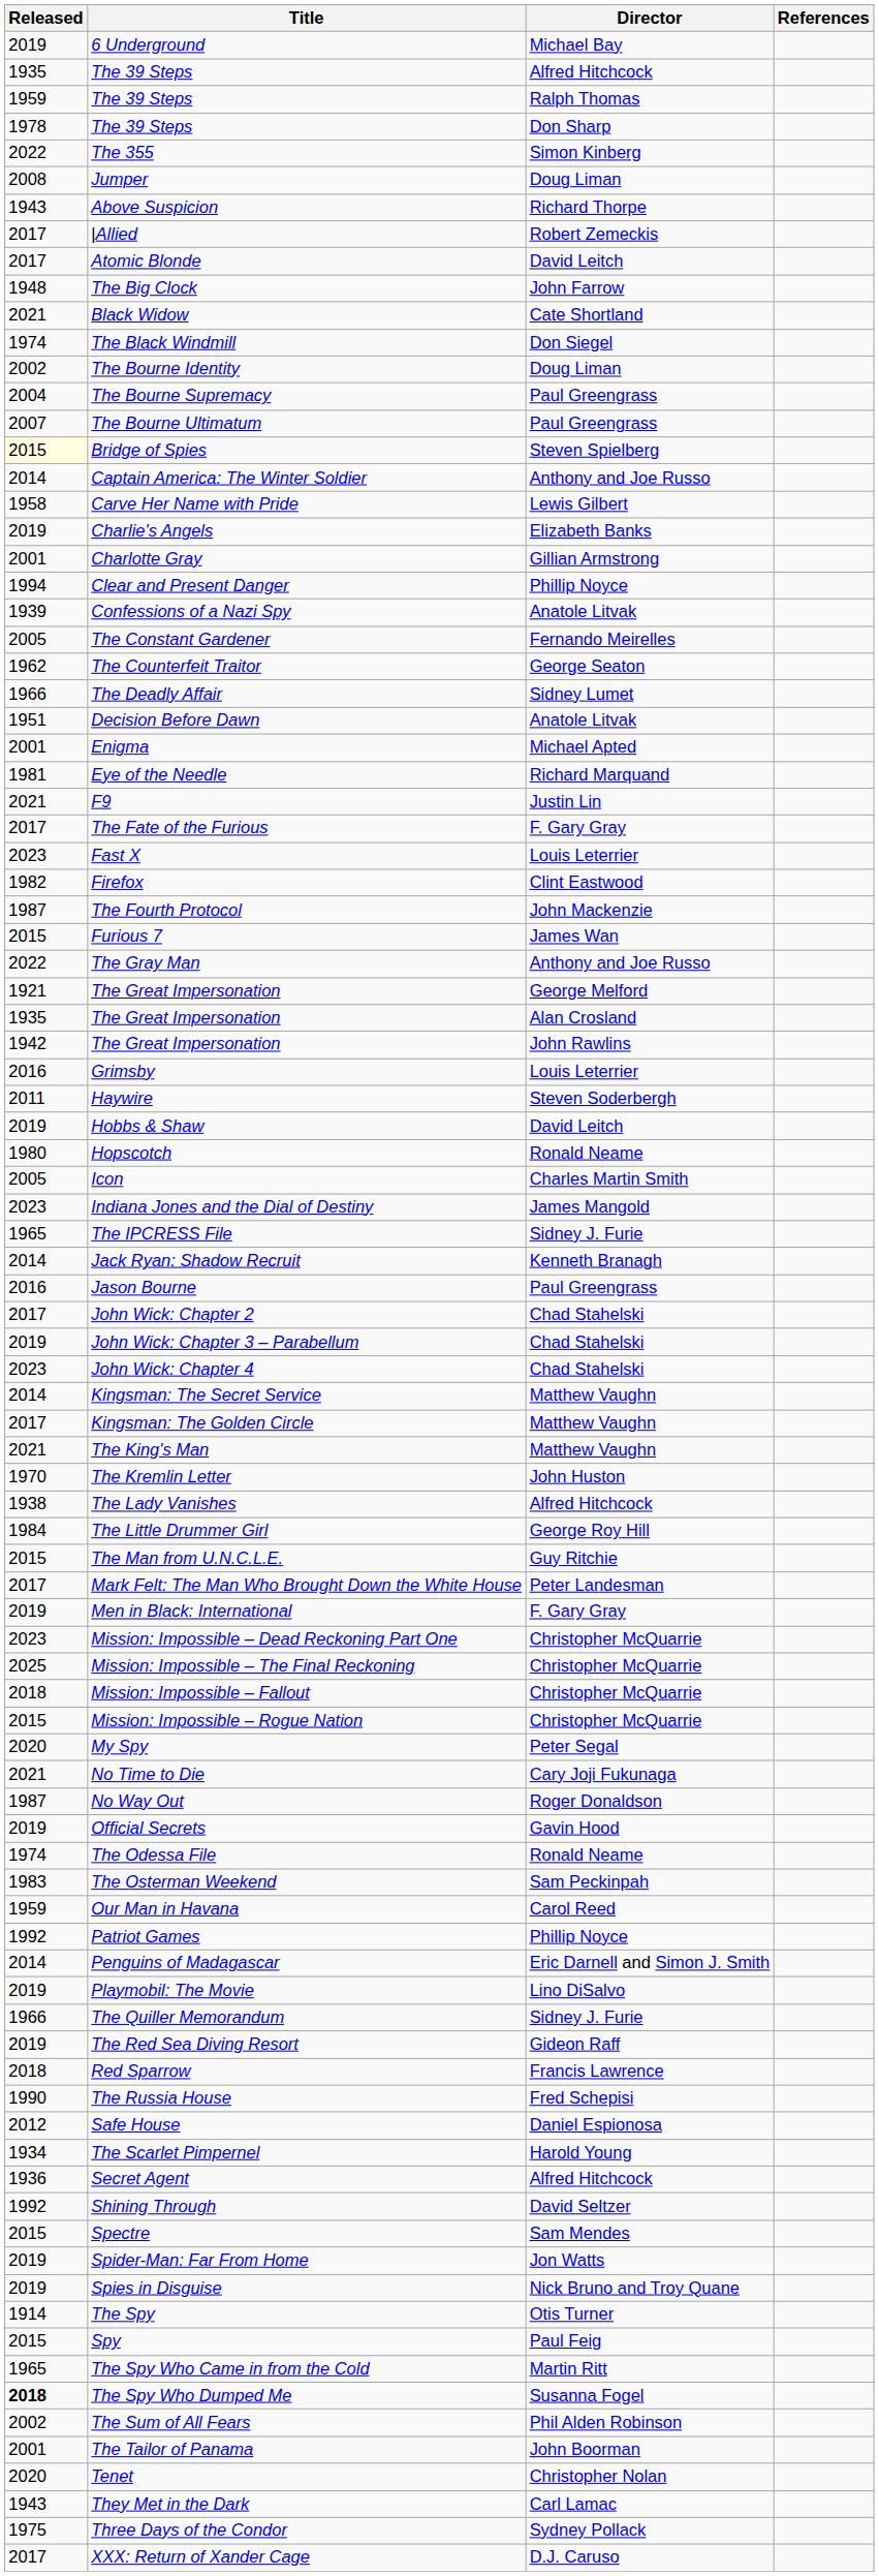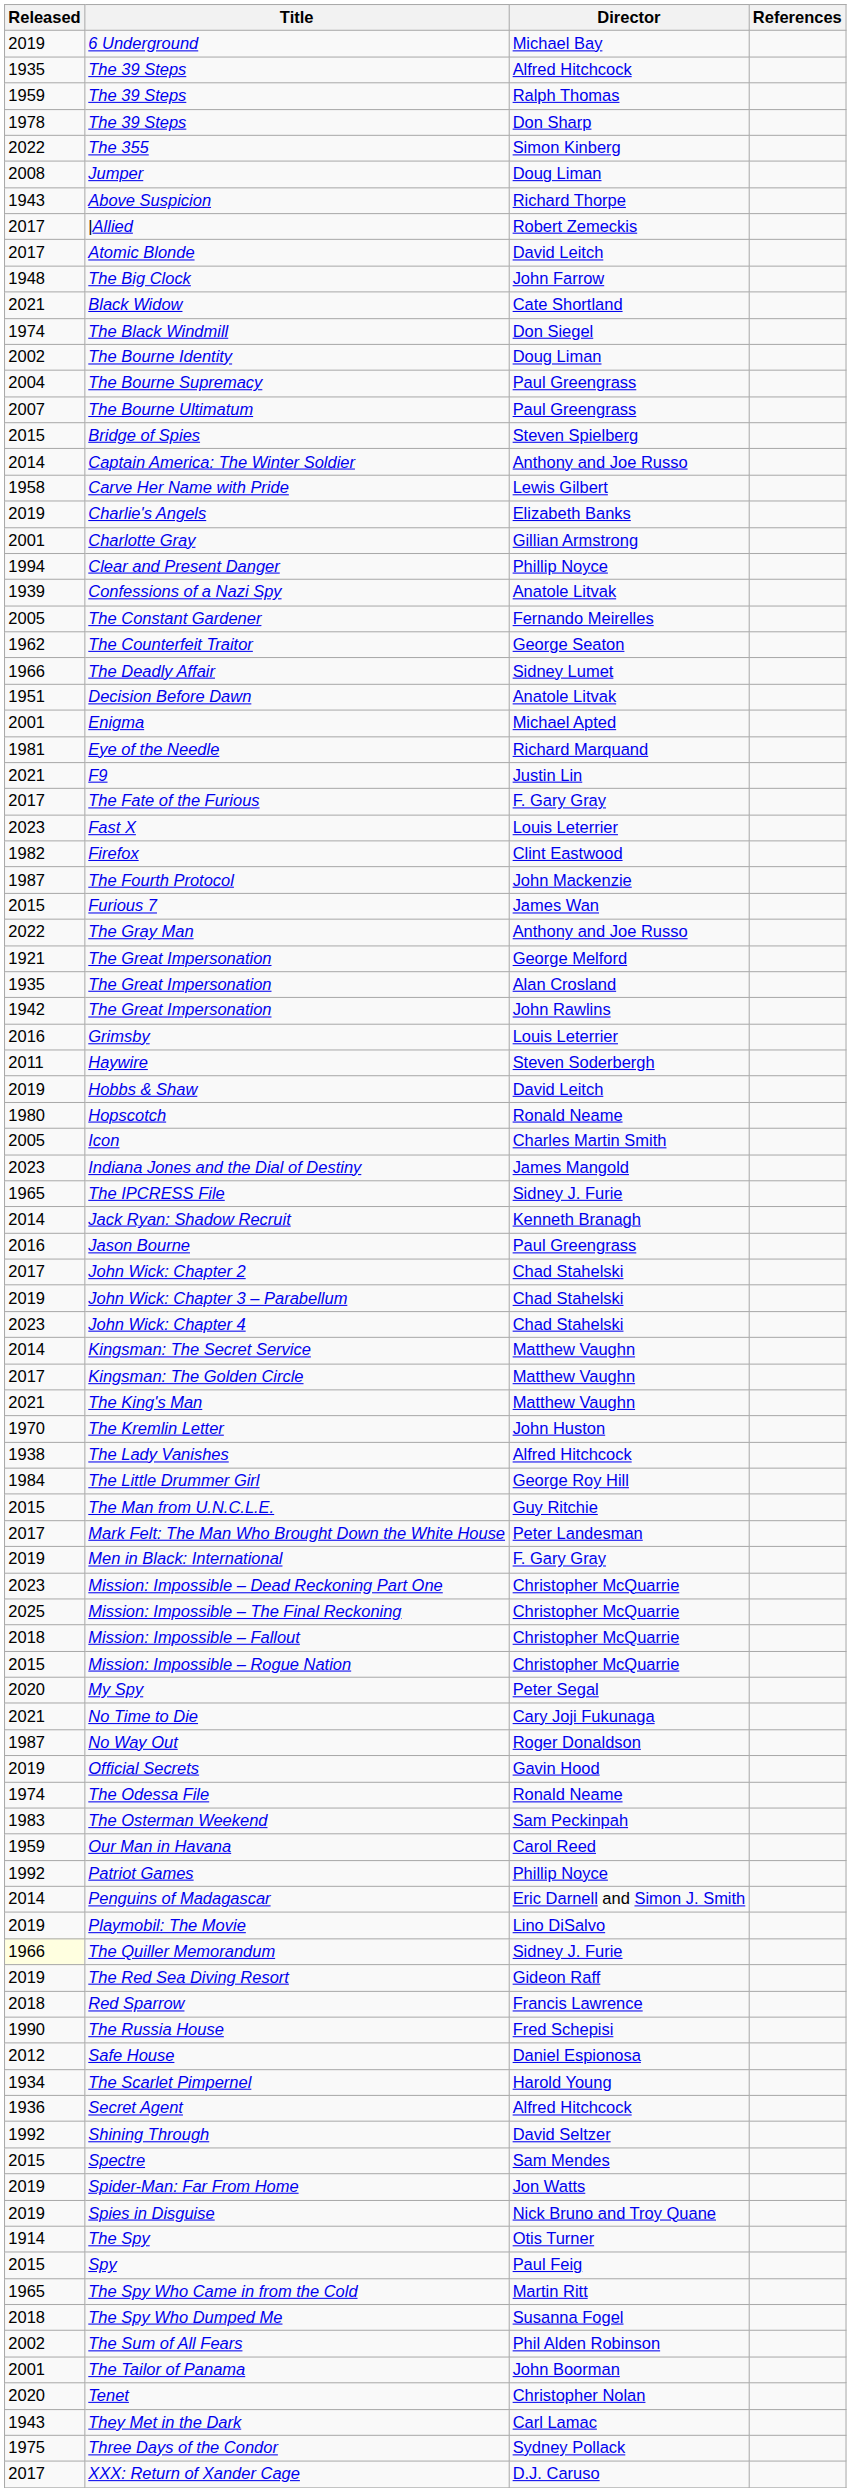 <table class="wikitable sortable">
 <tr>
 <th>Released</th>
 <th>Title</th>
 <th>Director</th>
 <th>References</th>
 </tr>
 <tr>
 <td>2019</td>
 <td><em><a href='#'>6 Underground</a></em></td>
 <td><a href='#'>Michael Bay</a></td>
 <td></td>
 </tr>
 <tr>
 <td>1935</td>
 <td><em><a href='#'>The 39 Steps</a></em></td>
 <td><a href='#'>Alfred Hitchcock</a></td>
 <td></td>
 </tr>
 <tr>
 <td>1959</td>
 <td><em><a href='#'>The 39 Steps</a></em></td>
 <td><a href='#'>Ralph Thomas</a></td>
 <td></td>
 </tr>
 <tr>
 <td>1978</td>
 <td><em><a href='#'>The 39 Steps</a></em></td>
 <td><a href='#'>Don Sharp</a></td>
 <td></td>
 </tr>
 <tr>
 <td>2022</td>
 <td><em><a href='#'>The 355</a></em></td>
 <td><a href='#'>Simon Kinberg</a></td>
 <td></td>
 </tr>
 <tr>
 <td>2008</td>
 <td><em><a href='#'>Jumper</a></em></td>
 <td><a href='#'>Doug Liman</a></td>
 <td></td>
 </tr>
 <tr>
 <td>1943</td>
 <td><em><a href='#'>Above Suspicion</a></em></td>
 <td><a href='#'>Richard Thorpe</a></td>
 <td></td>
 </tr>
 <tr>
 <td>2017</td>
 <td>|<a href='#'><em>Allied</em></a></td>
 <td><a href='#'>Robert Zemeckis</a></td>
 <td></td>
 </tr>
 <tr>
 <td>2017</td>
 <td><em><a href='#'>Atomic Blonde</a></em></td>
 <td><a href='#'>David Leitch</a></td>
 <td></td>
 </tr>
 <tr>
 <td>1948</td>
 <td><em><a href='#'>The Big Clock</a></em></td>
 <td><a href='#'>John Farrow</a></td>
 <td></td>
 </tr>
 <tr>
 <td>2021</td>
 <td><em><a href='#'>Black Widow</a></em></td>
 <td><a href='#'>Cate Shortland</a></td>
 <td></td>
 </tr>
 <tr>
 <td>1974</td>
 <td><em><a href='#'>The Black Windmill</a></em></td>
 <td><a href='#'>Don Siegel</a></td>
 <td></td>
 </tr>
 <tr>
 <td>2002</td>
 <td><em><a href='#'>The Bourne Identity</a></em></td>
 <td><a href='#'>Doug Liman</a></td>
 <td></td>
 </tr>
 <tr>
 <td>2004</td>
 <td><em><a href='#'>The Bourne Supremacy</a></em></td>
 <td><a href='#'>Paul Greengrass</a></td>
 <td></td>
 </tr>
 <tr>
 <td>2007</td>
 <td><em><a href='#'>The Bourne Ultimatum</a></em></td>
 <td><a href='#'>Paul Greengrass</a></td>
 <td></td>
 </tr>
 <tr>
-<td style="background: lightyellow;">2015</td>
+<td>2015</td>
 <td><em><a href='#'>Bridge of Spies</a></em></td>
 <td><a href='#'>Steven Spielberg</a></td>
 <td></td>
 </tr>
 <tr>
 <td>2014</td>
 <td><em><a href='#'>Captain America: The Winter Soldier</a></em></td>
 <td><a href='#'>Anthony and Joe Russo</a></td>
 <td></td>
 </tr>
 <tr>
 <td>1958</td>
 <td><em><a href='#'>Carve Her Name with Pride</a></em></td>
 <td><a href='#'>Lewis Gilbert</a></td>
 <td></td>
 </tr>
 <tr>
 <td>2019</td>
 <td><em><a href='#'>Charlie's Angels</a></em></td>
 <td><a href='#'>Elizabeth Banks</a></td>
 <td></td>
 </tr>
 <tr>
 <td>2001</td>
 <td><em><a href='#'>Charlotte Gray</a></em></td>
 <td><a href='#'>Gillian Armstrong</a></td>
 <td></td>
 </tr>
 <tr>
 <td>1994</td>
 <td><em><a href='#'>Clear and Present Danger</a></em></td>
 <td><a href='#'>Phillip Noyce</a></td>
 <td></td>
 </tr>
 <tr>
 <td>1939</td>
 <td><em><a href='#'>Confessions of a Nazi Spy</a></em></td>
 <td><a href='#'>Anatole Litvak</a></td>
 <td></td>
 </tr>
 <tr>
 <td>2005</td>
 <td><em><a href='#'>The Constant Gardener</a></em></td>
 <td><a href='#'>Fernando Meirelles</a></td>
 <td></td>
 </tr>
 <tr>
 <td>1962</td>
 <td><em><a href='#'>The Counterfeit Traitor</a></em></td>
 <td><a href='#'>George Seaton</a></td>
 <td></td>
 </tr>
 <tr>
 <td>1966</td>
 <td><em><a href='#'>The Deadly Affair</a></em></td>
 <td><a href='#'>Sidney Lumet</a></td>
 <td></td>
 </tr>
 <tr>
 <td>1951</td>
 <td><em><a href='#'>Decision Before Dawn</a></em></td>
 <td><a href='#'>Anatole Litvak</a></td>
 <td></td>
 </tr>
 <tr>
 <td>2001</td>
 <td><em><a href='#'>Enigma</a></em></td>
 <td><a href='#'>Michael Apted</a></td>
 <td></td>
 </tr>
 <tr>
 <td>1981</td>
 <td><em><a href='#'>Eye of the Needle</a></em></td>
 <td><a href='#'>Richard Marquand</a></td>
 <td></td>
 </tr>
 <tr>
 <td>2021</td>
 <td><em><a href='#'>F9</a></em></td>
 <td><a href='#'>Justin Lin</a></td>
 <td></td>
 </tr>
 <tr>
 <td>2017</td>
 <td><em><a href='#'>The Fate of the Furious</a></em></td>
 <td><a href='#'>F. Gary Gray</a></td>
 <td></td>
 </tr>
 <tr>
 <td>2023</td>
 <td><em><a href='#'>Fast X</a></em></td>
 <td><a href='#'>Louis Leterrier</a></td>
 <td></td>
 </tr>
 <tr>
 <td>1982</td>
 <td><em><a href='#'>Firefox</a></em></td>
 <td><a href='#'>Clint Eastwood</a></td>
 <td></td>
 </tr>
 <tr>
 <td>1987</td>
 <td><em><a href='#'>The Fourth Protocol</a></em></td>
 <td><a href='#'>John Mackenzie</a></td>
 <td></td>
 </tr>
 <tr>
 <td>2015</td>
 <td><em><a href='#'>Furious 7</a></em></td>
 <td><a href='#'>James Wan</a></td>
 <td></td>
 </tr>
 <tr>
 <td>2022</td>
 <td><em><a href='#'>The Gray Man</a></em></td>
 <td><a href='#'>Anthony and Joe Russo</a></td>
 <td></td>
 </tr>
 <tr>
 <td>1921</td>
 <td><em><a href='#'>The Great Impersonation</a></em></td>
 <td><a href='#'>George Melford</a></td>
 <td></td>
 </tr>
 <tr>
 <td>1935</td>
 <td><em><a href='#'>The Great Impersonation</a></em></td>
 <td><a href='#'>Alan Crosland</a></td>
 <td></td>
 </tr>
 <tr>
 <td>1942</td>
 <td><em><a href='#'>The Great Impersonation</a></em></td>
 <td><a href='#'>John Rawlins</a></td>
 <td></td>
 </tr>
 <tr>
 <td>2016</td>
 <td><em><a href='#'>Grimsby</a></em></td>
 <td><a href='#'>Louis Leterrier</a></td>
 <td></td>
 </tr>
 <tr>
 <td>2011</td>
 <td><em><a href='#'>Haywire</a></em></td>
 <td><a href='#'>Steven Soderbergh</a></td>
 <td></td>
 </tr>
 <tr>
 <td>2019</td>
 <td><em><a href='#'>Hobbs & Shaw</a></em></td>
 <td><a href='#'>David Leitch</a></td>
 <td></td>
 </tr>
 <tr>
 <td>1980</td>
 <td><em><a href='#'>Hopscotch</a></em></td>
 <td><a href='#'>Ronald Neame</a></td>
 <td></td>
 </tr>
 <tr>
 <td>2005</td>
 <td><em><a href='#'>Icon</a></em></td>
 <td><a href='#'>Charles Martin Smith</a></td>
 <td></td>
 </tr>
 <tr>
 <td>2023</td>
 <td><em><a href='#'>Indiana Jones and the Dial of Destiny</a></em></td>
 <td><a href='#'>James Mangold</a></td>
 <td></td>
 </tr>
 <tr>
 <td>1965</td>
 <td><em><a href='#'>The IPCRESS File</a></em></td>
 <td><a href='#'>Sidney J. Furie</a></td>
 <td></td>
 </tr>
 <tr>
 <td>2014</td>
 <td><em><a href='#'>Jack Ryan: Shadow Recruit</a></em></td>
 <td><a href='#'>Kenneth Branagh</a></td>
 <td></td>
 </tr>
 <tr>
 <td>2016</td>
 <td><em><a href='#'>Jason Bourne</a></em></td>
 <td><a href='#'>Paul Greengrass</a></td>
 <td></td>
 </tr>
 <tr>
 <td>2017</td>
 <td><em><a href='#'>John Wick: Chapter 2</a></em></td>
 <td><a href='#'>Chad Stahelski</a></td>
 <td></td>
 </tr>
 <tr>
 <td>2019</td>
 <td><em><a href='#'>John Wick: Chapter 3 – Parabellum</a></em></td>
 <td><a href='#'>Chad Stahelski</a></td>
 <td></td>
 </tr>
 <tr>
 <td>2023</td>
 <td><em><a href='#'>John Wick: Chapter 4</a></em></td>
 <td><a href='#'>Chad Stahelski</a></td>
 <td></td>
 </tr>
 <tr>
 <td>2014</td>
 <td><em><a href='#'>Kingsman: The Secret Service</a></em></td>
 <td><a href='#'>Matthew Vaughn</a></td>
 <td></td>
 </tr>
 <tr>
 <td>2017</td>
 <td><em><a href='#'>Kingsman: The Golden Circle</a></em></td>
 <td><a href='#'>Matthew Vaughn</a></td>
 <td></td>
 </tr>
 <tr>
 <td>2021</td>
 <td><em><a href='#'>The King's Man</a></em></td>
 <td><a href='#'>Matthew Vaughn</a></td>
 <td></td>
 </tr>
 <tr>
 <td>1970</td>
 <td><em><a href='#'>The Kremlin Letter</a></em></td>
 <td><a href='#'>John Huston</a></td>
 <td></td>
 </tr>
 <tr>
 <td>1938</td>
 <td><em><a href='#'>The Lady Vanishes</a></em></td>
 <td><a href='#'>Alfred Hitchcock</a></td>
 <td></td>
 </tr>
 <tr>
 <td>1984</td>
 <td><em><a href='#'>The Little Drummer Girl</a></em></td>
 <td><a href='#'>George Roy Hill</a></td>
 <td></td>
 </tr>
 <tr>
 <td>2015</td>
 <td><em><a href='#'>The Man from U.N.C.L.E.</a></em></td>
 <td><a href='#'>Guy Ritchie</a></td>
 <td></td>
 </tr>
 <tr>
 <td>2017</td>
 <td><em><a href='#'>Mark Felt: The Man Who Brought Down the White House</a></em></td>
 <td><a href='#'>Peter Landesman</a></td>
 <td></td>
 </tr>
 <tr>
 <td>2019</td>
 <td><em><a href='#'>Men in Black: International</a></em></td>
 <td><a href='#'>F. Gary Gray</a></td>
 <td></td>
 </tr>
 <tr>
 <td>2023</td>
 <td><em><a href='#'>Mission: Impossible – Dead Reckoning Part One</a></em></td>
 <td><a href='#'>Christopher McQuarrie</a></td>
 <td></td>
 </tr>
 <tr>
 <td>2025</td>
 <td><em><a href='#'>Mission: Impossible – The Final Reckoning</a></em></td>
 <td><a href='#'>Christopher McQuarrie</a></td>
 <td></td>
 </tr>
 <tr>
 <td>2018</td>
 <td><em><a href='#'>Mission: Impossible – Fallout</a></em></td>
 <td><a href='#'>Christopher McQuarrie</a></td>
 <td></td>
 </tr>
 <tr>
 <td>2015</td>
 <td><em><a href='#'>Mission: Impossible – Rogue Nation</a></em></td>
 <td><a href='#'>Christopher McQuarrie</a></td>
 <td></td>
 </tr>
 <tr>
 <td>2020</td>
 <td><em><a href='#'>My Spy</a></em></td>
 <td><a href='#'>Peter Segal</a></td>
 <td></td>
 </tr>
 <tr>
 <td>2021</td>
 <td><em><a href='#'>No Time to Die</a></em></td>
 <td><a href='#'>Cary Joji Fukunaga</a></td>
 <td></td>
 </tr>
 <tr>
 <td>1987</td>
 <td><em><a href='#'>No Way Out</a></em></td>
 <td><a href='#'>Roger Donaldson</a></td>
 <td></td>
 </tr>
 <tr>
 <td>2019</td>
 <td><em><a href='#'>Official Secrets</a></em></td>
 <td><a href='#'>Gavin Hood</a></td>
 <td></td>
 </tr>
 <tr>
 <td>1974</td>
 <td><em><a href='#'>The Odessa File</a></em></td>
 <td><a href='#'>Ronald Neame</a></td>
 <td></td>
 </tr>
 <tr>
 <td>1983</td>
 <td><em><a href='#'>The Osterman Weekend</a></em></td>
 <td><a href='#'>Sam Peckinpah</a></td>
 <td></td>
 </tr>
 <tr>
 <td>1959</td>
 <td><em><a href='#'>Our Man in Havana</a></em></td>
 <td><a href='#'>Carol Reed</a></td>
 <td></td>
 </tr>
 <tr>
 <td>1992</td>
 <td><em><a href='#'>Patriot Games</a></em></td>
 <td><a href='#'>Phillip Noyce</a></td>
 <td></td>
 </tr>
 <tr>
 <td>2014</td>
 <td><em><a href='#'>Penguins of Madagascar</a></em></td>
 <td><a href='#'>Eric Darnell</a> and <a href='#'>Simon J. Smith</a></td>
 <td></td>
 </tr>
 <tr>
 <td>2019</td>
 <td><em><a href='#'>Playmobil: The Movie</a></em></td>
 <td><a href='#'>Lino DiSalvo</a></td>
 <td></td>
 </tr>
 <tr>
-<td>1966</td>
+<td style="background: lightyellow;">1966</td>
 <td><em><a href='#'>The Quiller Memorandum</a></em></td>
 <td><a href='#'>Sidney J. Furie</a></td>
 <td></td>
 </tr>
 <tr>
 <td>2019</td>
 <td><em><a href='#'>The Red Sea Diving Resort</a></em></td>
 <td><a href='#'>Gideon Raff</a></td>
 <td></td>
 </tr>
 <tr>
 <td>2018</td>
 <td><em><a href='#'>Red Sparrow</a></em></td>
 <td><a href='#'>Francis Lawrence</a></td>
 <td></td>
 </tr>
 <tr>
 <td>1990</td>
 <td><em><a href='#'>The Russia House</a></em></td>
 <td><a href='#'>Fred Schepisi</a></td>
 <td></td>
 </tr>
 <tr>
 <td>2012</td>
 <td><em><a href='#'>Safe House</a></em></td>
 <td><a href='#'>Daniel Espionosa</a></td>
 <td></td>
 </tr>
 <tr>
 <td>1934</td>
 <td><em><a href='#'>The Scarlet Pimpernel</a></em></td>
 <td><a href='#'>Harold Young</a></td>
 <td></td>
 </tr>
 <tr>
 <td>1936</td>
 <td><em><a href='#'>Secret Agent</a></em></td>
 <td><a href='#'>Alfred Hitchcock</a></td>
 <td></td>
 </tr>
 <tr>
 <td>1992</td>
 <td><em><a href='#'>Shining Through</a></em></td>
 <td><a href='#'>David Seltzer</a></td>
 <td></td>
 </tr>
 <tr>
 <td>2015</td>
 <td><em><a href='#'>Spectre</a></em></td>
 <td><a href='#'>Sam Mendes</a></td>
 <td></td>
 </tr>
 <tr>
 <td>2019</td>
 <td><em><a href='#'>Spider-Man: Far From Home</a></em></td>
 <td><a href='#'>Jon Watts</a></td>
 <td></td>
 </tr>
 <tr>
 <td>2019</td>
 <td><em><a href='#'>Spies in Disguise</a></em></td>
 <td><a href='#'>Nick Bruno and Troy Quane</a></td>
 <td></td>
 </tr>
 <tr>
 <td>1914</td>
 <td><em><a href='#'>The Spy</a></em></td>
 <td><a href='#'>Otis Turner</a></td>
 <td></td>
 </tr>
 <tr>
 <td>2015</td>
 <td><em><a href='#'>Spy</a></em></td>
 <td><a href='#'>Paul Feig</a></td>
 <td></td>
 </tr>
 <tr>
 <td>1965</td>
 <td><em><a href='#'>The Spy Who Came in from the Cold</a></em></td>
 <td><a href='#'>Martin Ritt</a></td>
 <td></td>
 </tr>
 <tr>
-<td><strong>2018</strong></td>
+<td>2018</td>
 <td><em><a href='#'>The Spy Who Dumped Me</a></em></td>
 <td><a href='#'>Susanna Fogel</a></td>
 <td></td>
 </tr>
 <tr>
 <td>2002</td>
 <td><em><a href='#'>The Sum of All Fears</a></em></td>
 <td><a href='#'>Phil Alden Robinson</a></td>
 <td></td>
 </tr>
 <tr>
 <td>2001</td>
 <td><em><a href='#'>The Tailor of Panama</a></em></td>
 <td><a href='#'>John Boorman</a></td>
 <td></td>
 </tr>
 <tr>
 <td>2020</td>
 <td><em><a href='#'>Tenet</a></em></td>
 <td><a href='#'>Christopher Nolan</a></td>
 <td></td>
 </tr>
 <tr>
 <td>1943</td>
 <td><em><a href='#'>They Met in the Dark</a></em></td>
 <td><a href='#'>Carl Lamac</a></td>
 <td></td>
 </tr>
 <tr>
 <td>1975</td>
 <td><em><a href='#'>Three Days of the Condor</a></em></td>
 <td><a href='#'>Sydney Pollack</a></td>
 <td></td>
 </tr>
 <tr>
 <td>2017</td>
 <td><em><a href='#'>XXX: Return of Xander Cage</a></em></td>
 <td><a href='#'>D.J. Caruso</a></td>
 <td></td>
 </tr>
 </table>
